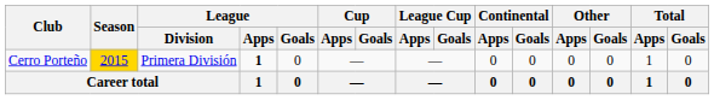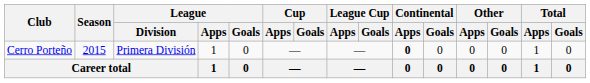 <table class="wikitable" style="text-align:center">
 <tr>
 <th rowspan="2">Club</th>
 <th rowspan="2">Season</th>
 <th colspan="3">League</th>
 <th colspan="2">Cup</th>
 <th colspan="2">League Cup</th>
 <th colspan="2">Continental</th>
 <th colspan="2">Other</th>
 <th colspan="2">Total</th>
 </tr>
 <tr>
 <th>Division</th>
 <th>Apps</th>
 <th>Goals</th>
 <th>Apps</th>
 <th>Goals</th>
 <th>Apps</th>
 <th>Goals</th>
 <th>Apps</th>
 <th>Goals</th>
 <th>Apps</th>
 <th>Goals</th>
 <th>Apps</th>
 <th>Goals</th>
 </tr>
 <tr>
 <td rowspan="1"><a href='#'>Cerro Porteño</a></td>
-<td style="background: gold;"><a href='#'>2015</a></td>
+<td><a href='#'>2015</a></td>
 <td rowspan="1"><a href='#'>Primera División</a></td>
-<td><strong>1</strong></td>
+<td>1</td>
 <td>0</td>
 <td colspan="2">—</td>
 <td colspan="2">—</td>
-<td>0</td>
+<td><strong>0</strong></td>
 <td>0</td>
 <td>0</td>
 <td>0</td>
 <td>1</td>
 <td>0</td>
 </tr>
 <tr>
 <th colspan="3">Career total</th>
 <th>1</th>
 <th>0</th>
 <th colspan="2">—</th>
 <th colspan="2">—</th>
 <th>0</th>
 <th>0</th>
 <th>0</th>
 <th>0</th>
 <th>1</th>
 <th>0</th>
 </tr>
 </table>
